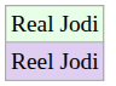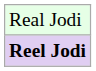 <table class="wikitable">
 <tr>
 <td bgcolor="#E6FFE6">Real Jodi</td>
 </tr>
 <tr>
-<td bgcolor="#E0CEF2">Reel Jodi</td>
+<td bgcolor="#E0CEF2"><strong>Reel Jodi</strong></td>
 </tr>
 </table>
